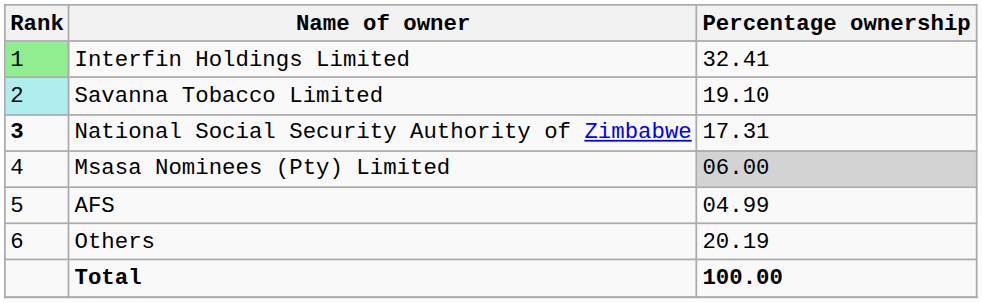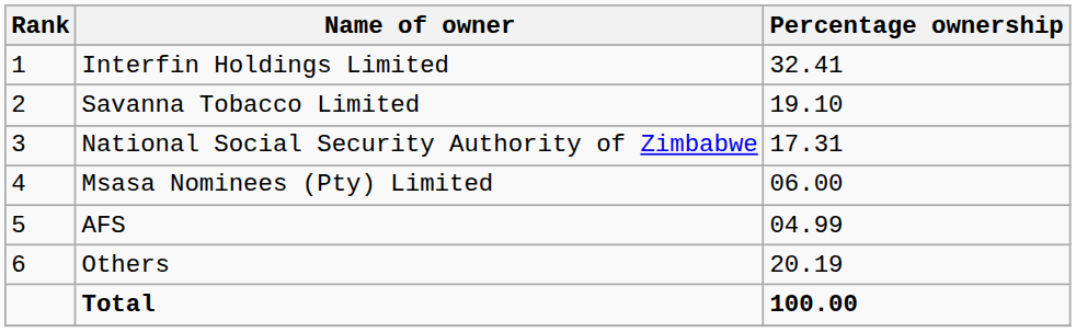 <table class="wikitable sortable">
 <tr>
 <th style="width:2em;">Rank</th>
 <th>Name of owner</th>
 <th>Percentage ownership</th>
 </tr>
 <tr>
-<td style="background: lightgreen;">1</td>
+<td>1</td>
 <td>Interfin Holdings Limited</td>
 <td>32.41</td>
 </tr>
 <tr>
-<td style="background: paleturquoise;">2</td>
+<td>2</td>
 <td>Savanna Tobacco Limited</td>
 <td>19.10</td>
 </tr>
 <tr>
-<td><strong>3</strong></td>
+<td>3</td>
 <td>National Social Security Authority of <a href='#'>Zimbabwe</a></td>
 <td>17.31</td>
 </tr>
 <tr>
 <td>4</td>
 <td>Msasa Nominees (Pty) Limited</td>
-<td style="background: lightgrey;">06.00</td>
+<td>06.00</td>
 </tr>
 <tr>
 <td>5</td>
 <td>AFS</td>
 <td>04.99</td>
 </tr>
 <tr>
 <td>6</td>
 <td>Others</td>
 <td>20.19</td>
 </tr>
 <tr>
 <td></td>
 <td><strong>Total</strong></td>
 <td><strong>100.00</strong></td>
 </tr>
 <tr>
 </tr>
 </table>
